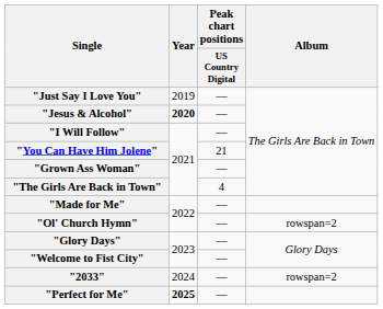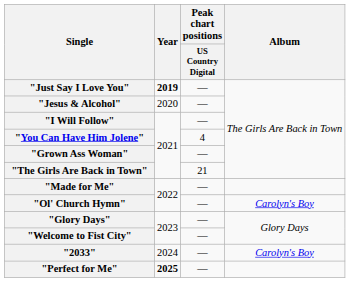 <table class="wikitable plainrowheaders" style="text-align:center;">
 <tr>
 <th rowspan="2" style="width:14em;">Single</th>
 <th rowspan="2">Year</th>
 <th colspan="1">Peak chart<br>positions</th>
 <th rowspan="2">Album</th>
 </tr>
 <tr style="font-size:smaller;">
 <th width="45">US Country<br>Digital</th>
 </tr>
 <tr>
 <th scope="row">"Just Say I Love You"</th>
-<td>2019</td>
+<td><strong>2019</strong></td>
 <td>—</td>
 <td rowspan=6><em>The Girls Are Back in Town</em></td>
 </tr>
 <tr>
 <th scope="row">"Jesus & Alcohol"</th>
-<td><strong>2020</strong></td>
+<td>2020</td>
 <td>—</td>
 </tr>
 <tr>
 <th scope="row">"I Will Follow"</th>
 <td rowspan=4>2021</td>
 <td>—</td>
 </tr>
 <tr>
 <th scope="row">"<a href='#'>You Can Have Him Jolene</a>"</th>
-<td>21</td>
+<td>4</td>
 </tr>
 <tr>
 <th scope="row">"Grown Ass Woman"<br></th>
 <td>—</td>
 </tr>
 <tr>
 <th scope="row">"The Girls Are Back in Town"</th>
-<td>4</td>
+<td>21</td>
 </tr>
 <tr>
 <th scope="row">"Made for Me"</th>
 <td rowspan=2>2022</td>
 <td>—</td>
 <td></td>
 </tr>
 <tr>
 <th scope="row">"Ol' Church Hymn"<br></th>
 <td>—</td>
-<td>rowspan=2 </td>
+<td><em><a href='#'>Carolyn's Boy</a></em></td>
 </tr>
 <tr>
 <th scope="row">"Glory Days"</th>
 <td rowspan=2>2023</td>
 <td>—</td>
 <td rowspan=2><em>Glory Days</em></td>
 </tr>
 <tr>
 <th scope="row">"Welcome to Fist City"</th>
 <td>—</td>
 </tr>
 <tr>
 <th scope="row">"2033"</th>
 <td>2024</td>
 <td>—</td>
-<td>rowspan=2 </td>
+<td><em><a href='#'>Carolyn's Boy</a></em></td>
 </tr>
 <tr>
 <th scope="row">"Perfect for Me"</th>
 <td><strong>2025</strong></td>
 <td>—</td>
 </tr>
 </table>
